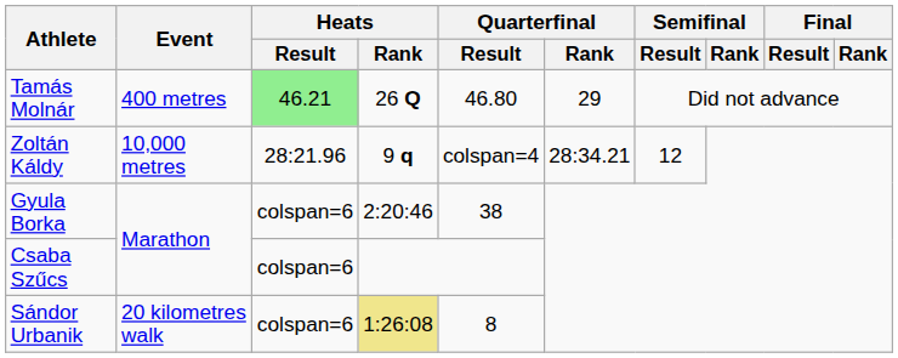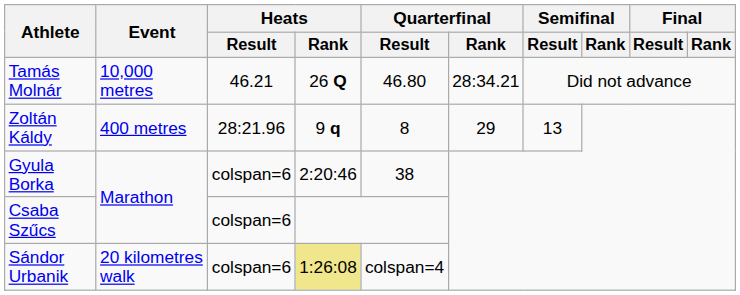 <table class="wikitable" style="font-size:90%">
 <tr>
 <th rowspan="2">Athlete</th>
 <th rowspan="2">Event</th>
 <th colspan="2">Heats</th>
 <th colspan="2">Quarterfinal</th>
 <th colspan="2">Semifinal</th>
 <th colspan="2">Final</th>
 </tr>
 <tr style="font-size:95%">
 <th>Result</th>
 <th>Rank</th>
 <th>Result</th>
 <th>Rank</th>
 <th>Result</th>
 <th>Rank</th>
 <th>Result</th>
 <th>Rank</th>
 </tr>
 <tr align=center>
 <td align=left><a href='#'>Tamás Molnár</a></td>
-<td align=left><a href='#'>400 metres</a></td>
-<td style="background: lightgreen;">46.21</td>
+<td align=left><a href='#'>10,000 metres</a></td>
+<td>46.21</td>
 <td>26 <strong>Q</strong></td>
 <td>46.80</td>
-<td>29</td>
+<td>28:34.21</td>
 <td colspan=4>Did not advance</td>
 </tr>
 <tr align=center>
 <td align=left><a href='#'>Zoltán Káldy</a></td>
-<td align=left><a href='#'>10,000 metres</a></td>
+<td align=left><a href='#'>400 metres</a></td>
 <td>28:21.96</td>
 <td>9 <strong>q</strong></td>
-<td>colspan=4</td>
-<td>28:34.21</td>
-<td>12</td>
+<td>8</td>
+<td>29</td>
+<td>13</td>
 </tr>
 <tr align=center>
 <td align=left><a href='#'>Gyula Borka</a></td>
 <td align=left rowspan=2><a href='#'>Marathon</a></td>
 <td>colspan=6</td>
 <td>2:20:46</td>
 <td>38</td>
 </tr>
 <tr align=center>
 <td align=left><a href='#'>Csaba Szűcs</a></td>
 <td>colspan=6</td>
 <td colspan=2></td>
 </tr>
 <tr align=center>
 <td align=left><a href='#'>Sándor Urbanik</a></td>
 <td align=left><a href='#'>20 kilometres walk</a></td>
 <td>colspan=6</td>
 <td style="background: khaki;">1:26:08</td>
-<td>8</td>
+<td>colspan=4</td>
 </tr>
 </table>
